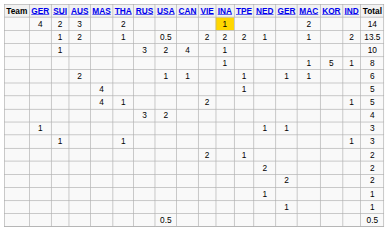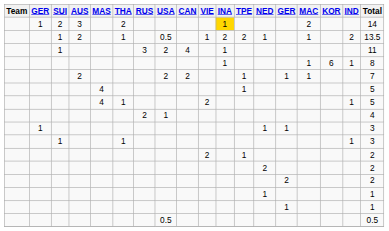 <table class=wikitable style="font-size:85%; text-align:center">
 <tr>
 <th>Team</th>
 <th><a href='#'>GER</a></th>
 <th><a href='#'>SUI</a></th>
 <th><a href='#'>AUS</a></th>
 <th><a href='#'>MAS</a></th>
 <th><a href='#'>THA</a></th>
 <th><a href='#'>RUS</a></th>
 <th><a href='#'>USA</a></th>
 <th><a href='#'>CAN</a></th>
 <th><a href='#'>VIE</a></th>
 <th><a href='#'>INA</a></th>
 <th><a href='#'>TPE</a></th>
 <th><a href='#'>NED</a></th>
 <th><a href='#'>GER</a></th>
 <th><a href='#'>MAC</a></th>
 <th><a href='#'>KOR</a></th>
 <th><a href='#'>IND</a></th>
 <th>Total</th>
 </tr>
 <tr>
 <td align=left></td>
-<td>4</td>
+<td>1</td>
 <td>2</td>
 <td>3</td>
 <td></td>
 <td>2</td>
 <td></td>
 <td></td>
 <td></td>
 <td></td>
 <td style="background: gold;">1</td>
 <td></td>
 <td></td>
 <td></td>
 <td>2</td>
 <td></td>
 <td></td>
 <td>14</td>
 </tr>
 <tr>
 <td align=left></td>
 <td></td>
 <td>1</td>
 <td>2</td>
 <td></td>
 <td>1</td>
 <td></td>
 <td>0.5</td>
 <td></td>
-<td>2</td>
+<td>1</td>
 <td>2</td>
 <td>2</td>
 <td>1</td>
 <td></td>
 <td>1</td>
 <td></td>
 <td>2</td>
 <td>13.5</td>
 </tr>
 <tr>
 <td align=left></td>
 <td></td>
 <td>1</td>
 <td></td>
 <td></td>
 <td></td>
 <td>3</td>
 <td>2</td>
 <td>4</td>
 <td></td>
 <td>1</td>
 <td></td>
 <td></td>
 <td></td>
 <td></td>
 <td></td>
 <td></td>
-<td>10</td>
+<td>11</td>
 </tr>
 <tr>
 <td align=left></td>
 <td></td>
 <td></td>
 <td></td>
 <td></td>
 <td></td>
 <td></td>
 <td></td>
 <td></td>
 <td></td>
 <td>1</td>
 <td></td>
 <td></td>
 <td></td>
 <td>1</td>
-<td>5</td>
+<td>6</td>
 <td>1</td>
 <td>8</td>
 </tr>
 <tr>
 <td align=left></td>
 <td></td>
 <td></td>
 <td>2</td>
 <td></td>
 <td></td>
 <td></td>
-<td>1</td>
-<td>1</td>
+<td>2</td>
+<td>2</td>
 <td></td>
 <td></td>
 <td>1</td>
 <td></td>
 <td>1</td>
 <td>1</td>
 <td></td>
 <td></td>
-<td>6</td>
+<td>7</td>
 </tr>
 <tr>
 <td align=left></td>
 <td></td>
 <td></td>
 <td></td>
 <td>4</td>
 <td></td>
 <td></td>
 <td></td>
 <td></td>
 <td></td>
 <td></td>
 <td>1</td>
 <td></td>
 <td></td>
 <td></td>
 <td></td>
 <td></td>
 <td>5</td>
 </tr>
 <tr>
 <td align=left></td>
 <td></td>
 <td></td>
 <td></td>
 <td>4</td>
 <td>1</td>
 <td></td>
 <td></td>
 <td></td>
 <td>2</td>
 <td></td>
 <td></td>
 <td></td>
 <td></td>
 <td></td>
 <td></td>
 <td>1</td>
 <td>5</td>
 </tr>
 <tr>
 <td align=left></td>
 <td></td>
 <td></td>
 <td></td>
 <td></td>
 <td></td>
-<td>3</td>
 <td>2</td>
+<td>1</td>
 <td></td>
 <td></td>
 <td></td>
 <td></td>
 <td></td>
 <td></td>
 <td></td>
 <td></td>
 <td></td>
 <td>4</td>
 </tr>
 <tr>
 <td align=left></td>
 <td>1</td>
 <td></td>
 <td></td>
 <td></td>
 <td></td>
 <td></td>
 <td></td>
 <td></td>
 <td></td>
 <td></td>
 <td></td>
 <td>1</td>
 <td>1</td>
 <td></td>
 <td></td>
 <td></td>
 <td>3</td>
 </tr>
 <tr>
 <td align=left></td>
 <td></td>
 <td>1</td>
 <td></td>
 <td></td>
 <td>1</td>
 <td></td>
 <td></td>
 <td></td>
 <td></td>
 <td></td>
 <td></td>
 <td></td>
 <td></td>
 <td></td>
 <td></td>
 <td>1</td>
 <td>3</td>
 </tr>
 <tr>
 <td align=left></td>
 <td></td>
 <td></td>
 <td></td>
 <td></td>
 <td></td>
 <td></td>
 <td></td>
 <td></td>
 <td>2</td>
 <td></td>
 <td>1</td>
 <td></td>
 <td></td>
 <td></td>
 <td></td>
 <td></td>
 <td>2</td>
 </tr>
 <tr>
 <td align=left></td>
 <td></td>
 <td></td>
 <td></td>
 <td></td>
 <td></td>
 <td></td>
 <td></td>
 <td></td>
 <td></td>
 <td></td>
 <td></td>
 <td>2</td>
 <td></td>
 <td></td>
 <td></td>
 <td></td>
 <td>2</td>
 </tr>
 <tr>
 <td align=left></td>
 <td></td>
 <td></td>
 <td></td>
 <td></td>
 <td></td>
 <td></td>
 <td></td>
 <td></td>
 <td></td>
 <td></td>
 <td></td>
 <td></td>
 <td>2</td>
 <td></td>
 <td></td>
 <td></td>
 <td>2</td>
 </tr>
 <tr>
 <td align=left></td>
 <td></td>
 <td></td>
 <td></td>
 <td></td>
 <td></td>
 <td></td>
 <td></td>
 <td></td>
 <td></td>
 <td></td>
 <td></td>
 <td>1</td>
 <td></td>
 <td></td>
 <td></td>
 <td></td>
 <td>1</td>
 </tr>
 <tr>
 <td align=left></td>
 <td></td>
 <td></td>
 <td></td>
 <td></td>
 <td></td>
 <td></td>
 <td></td>
 <td></td>
 <td></td>
 <td></td>
 <td></td>
 <td></td>
 <td>1</td>
 <td></td>
 <td></td>
 <td></td>
 <td>1</td>
 </tr>
 <tr>
 <td align=left></td>
 <td></td>
 <td></td>
 <td></td>
 <td></td>
 <td></td>
 <td></td>
 <td>0.5</td>
 <td></td>
 <td></td>
 <td></td>
 <td></td>
 <td></td>
 <td></td>
 <td></td>
 <td></td>
 <td></td>
 <td>0.5</td>
 </tr>
 <tr>
 </tr>
 </table>
